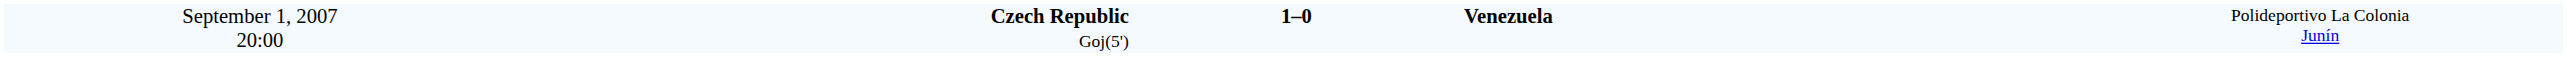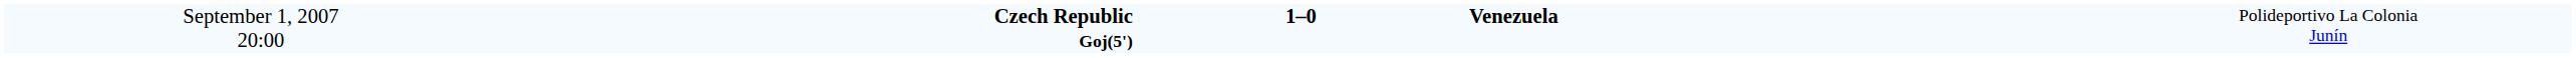 <table style="width: 100%; background:#F5FAFF;" cellspacing="0">
 <tr>
 <td align=center rowspan=3 width=20%>September 1, 2007<br>20:00</td>
 </tr>
 <tr>
 <td width=24% align=right><strong>Czech Republic</strong></td>
 <td align=center width=13%><strong>1–0</strong></td>
 <td width=24%><strong>Venezuela</strong></td>
 <td style=font-size:85% rowspan=3 valign=top align=center>Polideportivo La Colonia<br><a href='#'>Junín</a></td>
 </tr>
 <tr style=font-size:85%>
-<td align=right valign=top>Goj(5')</td>
+<td align=right valign=top><strong>Goj(5')</strong></td>
 <td></td>
 <td></td>
 </tr>
 </table>
